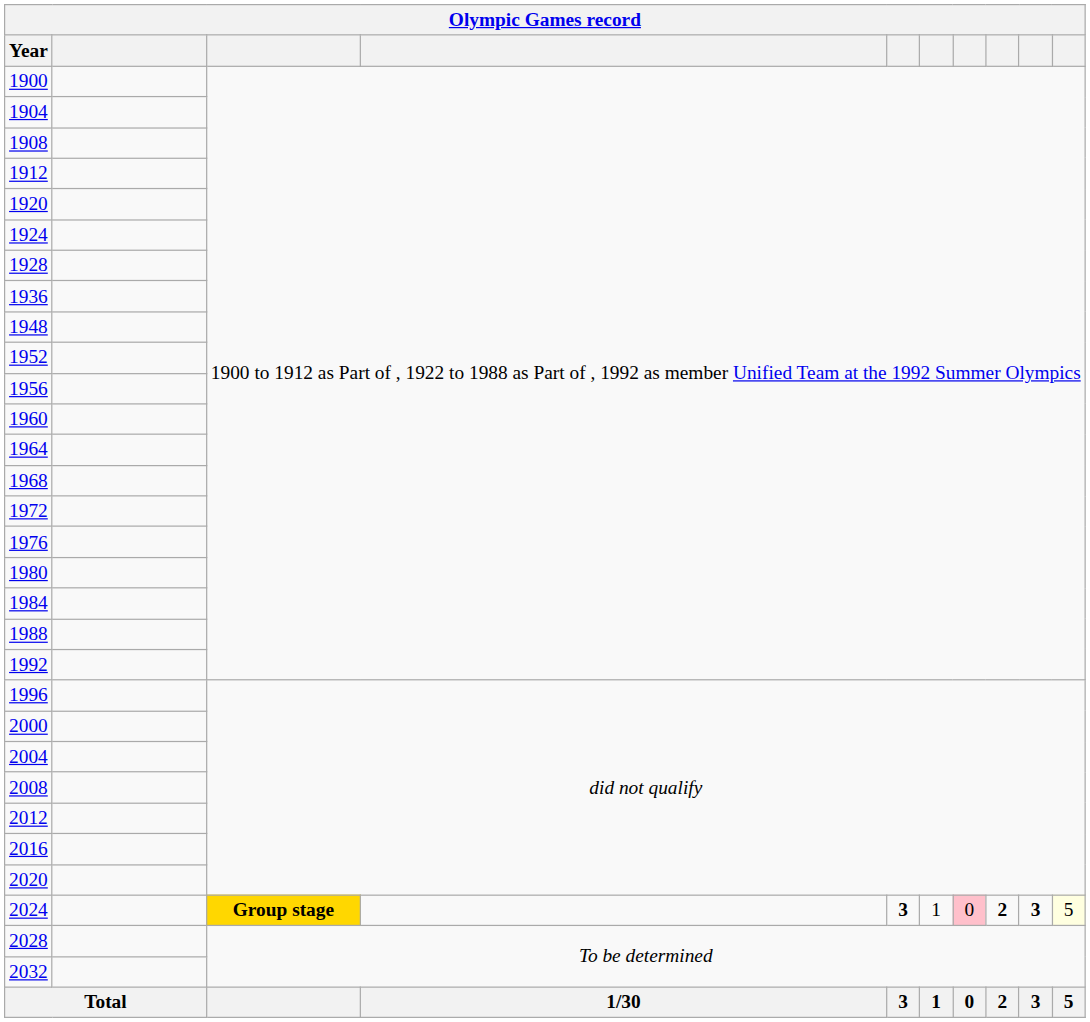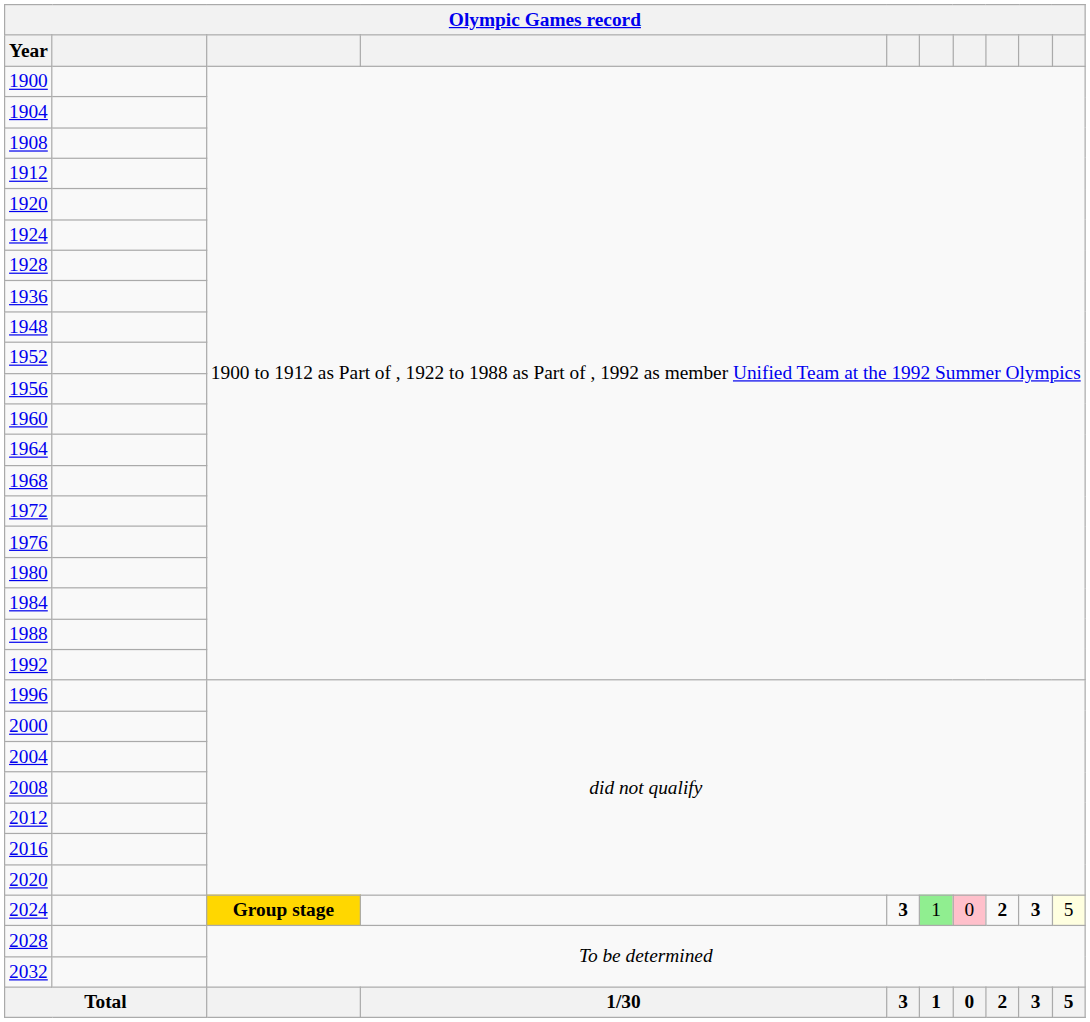 <table class="wikitable" style="text-align: center;">
 <tr>
 <th colspan=11><a href='#'>Olympic Games record</a></th>
 </tr>
 <tr>
 <th width=>Year</th>
 <th width=120px></th>
 <th width=120px></th>
 <th width=></th>
 <th width=20px></th>
 <th width=20px></th>
 <th width=20px></th>
 <th width=20px></th>
 <th width=20px></th>
 <th width=20px></th>
 </tr>
 <tr>
 <td><a href='#'>1900</a></td>
 <td></td>
 <td rowspan=20 colspan=8>1900 to 1912 as Part of , 1922 to 1988 as Part of , 1992 as member <a href='#'>Unified Team at the 1992 Summer Olympics</a></td>
 </tr>
 <tr>
 <td><a href='#'>1904</a></td>
 <td></td>
 </tr>
 <tr>
 <td><a href='#'>1908</a></td>
 <td></td>
 </tr>
 <tr>
 <td><a href='#'>1912</a></td>
 <td></td>
 </tr>
 <tr>
 <td><a href='#'>1920</a></td>
 <td></td>
 </tr>
 <tr>
 <td><a href='#'>1924</a></td>
 <td></td>
 </tr>
 <tr>
 <td><a href='#'>1928</a></td>
 <td></td>
 </tr>
 <tr>
 <td><a href='#'>1936</a></td>
 <td></td>
 </tr>
 <tr>
 <td><a href='#'>1948</a></td>
 <td></td>
 </tr>
 <tr>
 <td><a href='#'>1952</a></td>
 <td></td>
 </tr>
 <tr>
 <td><a href='#'>1956</a></td>
 <td></td>
 </tr>
 <tr>
 <td><a href='#'>1960</a></td>
 <td></td>
 </tr>
 <tr>
 <td><a href='#'>1964</a></td>
 <td></td>
 </tr>
 <tr>
 <td><a href='#'>1968</a></td>
 <td></td>
 </tr>
 <tr>
 <td><a href='#'>1972</a></td>
 <td></td>
 </tr>
 <tr>
 <td><a href='#'>1976</a></td>
 <td></td>
 </tr>
 <tr>
 <td><a href='#'>1980</a></td>
 <td></td>
 </tr>
 <tr>
 <td><a href='#'>1984</a></td>
 <td></td>
 </tr>
 <tr>
 <td><a href='#'>1988</a></td>
 <td></td>
 </tr>
 <tr>
 <td><a href='#'>1992</a></td>
 <td></td>
 </tr>
 <tr>
 <td><a href='#'>1996</a></td>
 <td></td>
 <td rowspan=7 colspan=8><em>did not qualify</em></td>
 </tr>
 <tr>
 <td><a href='#'>2000</a></td>
 <td></td>
 </tr>
 <tr>
 <td><a href='#'>2004</a></td>
 <td></td>
 </tr>
 <tr>
 <td><a href='#'>2008</a></td>
 <td></td>
 </tr>
 <tr>
 <td><a href='#'>2012</a></td>
 <td></td>
 </tr>
 <tr>
 <td><a href='#'>2016</a></td>
 <td></td>
 </tr>
 <tr>
 <td><a href='#'>2020</a></td>
 <td></td>
 </tr>
 <tr>
 <td><a href='#'>2024</a></td>
 <td></td>
 <td style="background: gold;"><strong>Group stage</strong></td>
 <td><strong></strong></td>
 <td><strong>3</strong></td>
-<td>1</td>
+<td style="background: lightgreen;">1</td>
 <td style="background: pink;">0</td>
 <td><strong>2</strong></td>
 <td><strong>3</strong></td>
 <td style="background: lightyellow;">5</td>
 </tr>
 <tr>
 <td><a href='#'>2028</a></td>
 <td></td>
 <td colspan="8" rowspan="2"><em>To be determined</em></td>
 </tr>
 <tr>
 <td><a href='#'>2032</a></td>
 <td></td>
 </tr>
 <tr>
 <th colspan=2>Total</th>
 <th></th>
 <th>1/30</th>
 <th>3</th>
 <th>1</th>
 <th>0</th>
 <th>2</th>
 <th>3</th>
 <th>5</th>
 </tr>
 </table>
